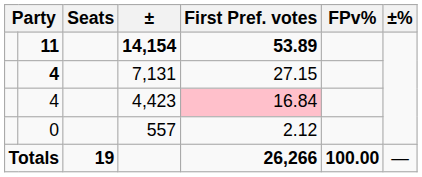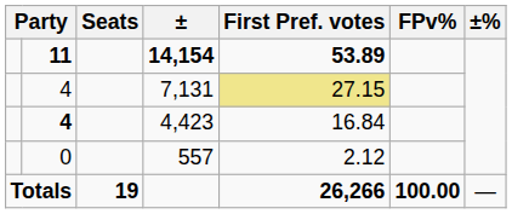 <table class=wikitable>
 <tr>
 <th colspan=2 align=center>Party</th>
 <th valign=top>Seats</th>
 <th valign=top>±</th>
 <th valign=top>First Pref. votes</th>
 <th valign=top>FPv%</th>
 <th valign=top>±%</th>
 </tr>
 <tr>
 <td></td>
 <td align=right><strong>11</strong></td>
 <td align=right></td>
 <td align=right><strong>14,154</strong></td>
 <td align=right><strong>53.89</strong></td>
 <td align=right></td>
 </tr>
 <tr>
 <td></td>
-<td align=right><strong>4</strong></td>
+<td align=right>4</td>
 <td align=right></td>
 <td align=right>7,131</td>
-<td align=right>27.15</td>
+<td align=right style="background: khaki;">27.15</td>
 <td align=right></td>
 </tr>
 <tr>
 <td></td>
-<td align=right>4</td>
+<td align=right><strong>4</strong></td>
 <td align=right></td>
 <td align=right>4,423</td>
-<td align=right style="background: pink;">16.84</td>
+<td align=right>16.84</td>
 <td align=right></td>
 </tr>
 <tr>
 <td></td>
 <td align=right>0</td>
 <td align=right></td>
 <td align=right>557</td>
 <td align=right>2.12</td>
 <td align=right></td>
 </tr>
 <tr>
 <td colspan=2 align=center><strong>Totals</strong></td>
 <td align=right><strong>19</strong></td>
 <td align=center></td>
 <td align=right><strong>26,266</strong></td>
 <td align=center><strong>100.00</strong></td>
 <td align=center>—</td>
 </tr>
 </table>
